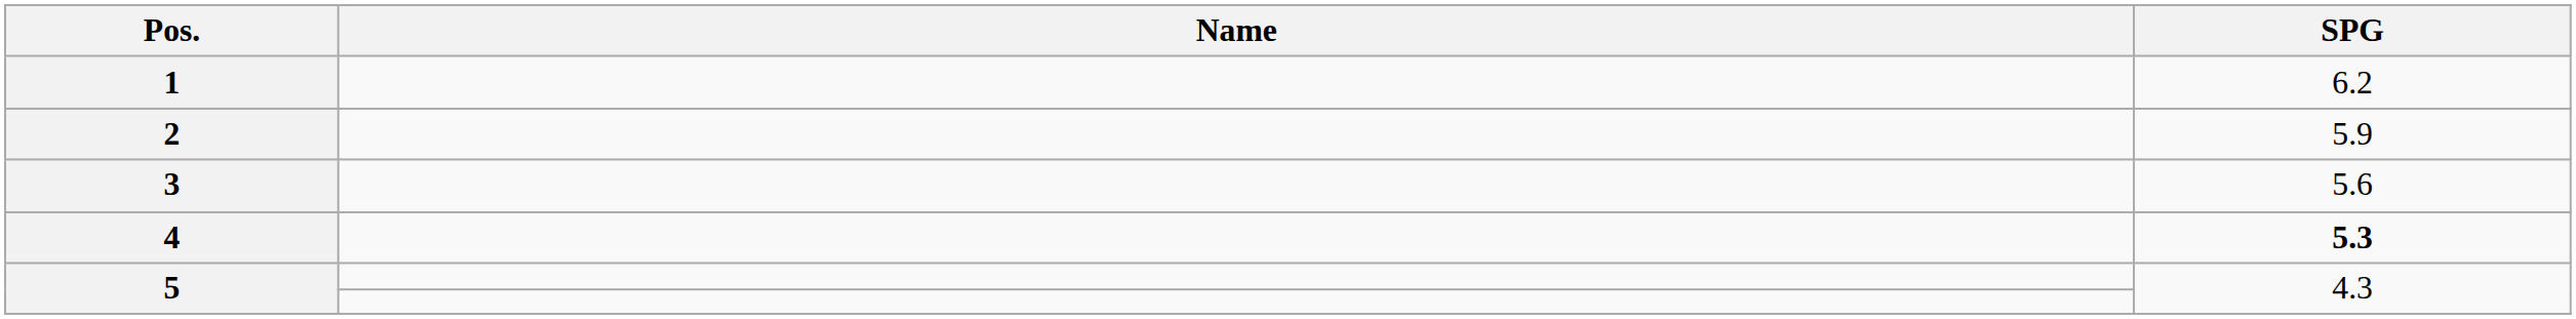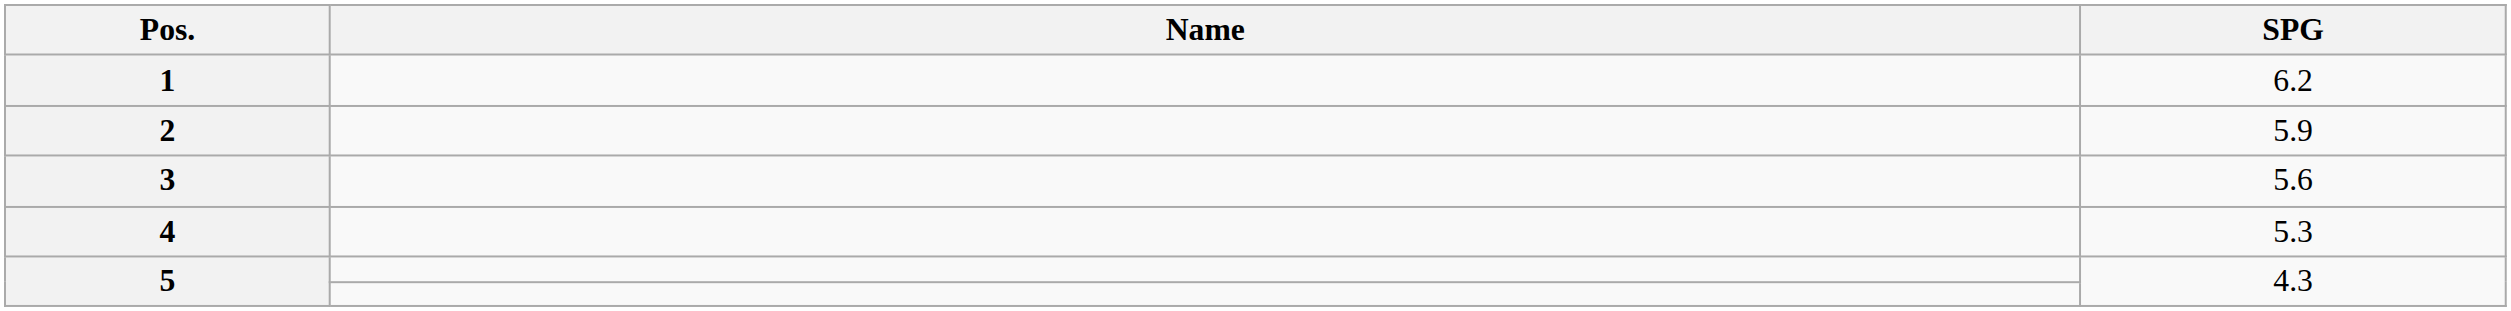 <table class=wikitable width=100% style="text-align:center;">
 <tr>
 <th width="13%">Pos.</th>
 <th width="70%">Name</th>
 <th width="17%">SPG</th>
 </tr>
 <tr>
 <th>1</th>
 <td align=left></td>
 <td>6.2</td>
 </tr>
 <tr>
 <th>2</th>
 <td align=left></td>
 <td>5.9</td>
 </tr>
 <tr>
 <th>3</th>
 <td align=left></td>
 <td>5.6</td>
 </tr>
 <tr>
 <th>4</th>
 <td align=left></td>
-<td><strong>5.3</strong></td>
+<td>5.3</td>
 </tr>
 <tr>
 <th rowspan=2>5</th>
 <td align=left></td>
 <td rowspan=2>4.3</td>
 </tr>
 <tr>
 <td align=left></td>
 </tr>
 </table>
